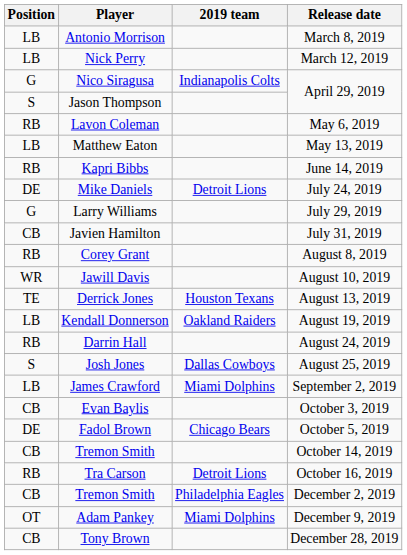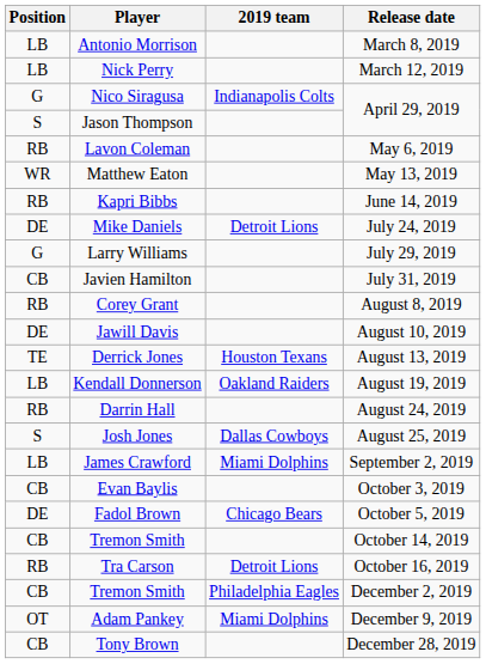 <table class="wikitable" style="text-align:center">
 <tr>
 <th>Position</th>
 <th>Player</th>
 <th>2019 team</th>
 <th>Release date</th>
 </tr>
 <tr>
 <td>LB</td>
 <td><a href='#'>Antonio Morrison</a></td>
 <td></td>
 <td>March 8, 2019</td>
 </tr>
 <tr>
 <td>LB</td>
 <td><a href='#'>Nick Perry</a></td>
 <td></td>
 <td>March 12, 2019</td>
 </tr>
 <tr>
 <td>G</td>
 <td><a href='#'>Nico Siragusa</a></td>
 <td><a href='#'>Indianapolis Colts</a></td>
 <td rowspan="2">April 29, 2019</td>
 </tr>
 <tr>
 <td>S</td>
 <td>Jason Thompson</td>
 <td></td>
 </tr>
 <tr>
 <td>RB</td>
 <td><a href='#'>Lavon Coleman</a></td>
 <td></td>
 <td>May 6, 2019</td>
 </tr>
 <tr>
-<td>LB</td>
+<td>WR</td>
 <td>Matthew Eaton</td>
 <td></td>
 <td>May 13, 2019</td>
 </tr>
 <tr>
 <td>RB</td>
 <td><a href='#'>Kapri Bibbs</a></td>
 <td></td>
 <td>June 14, 2019</td>
 </tr>
 <tr>
 <td>DE</td>
 <td><a href='#'>Mike Daniels</a></td>
 <td><a href='#'>Detroit Lions</a></td>
 <td>July 24, 2019</td>
 </tr>
 <tr>
 <td>G</td>
 <td>Larry Williams</td>
 <td></td>
 <td>July 29, 2019</td>
 </tr>
 <tr>
 <td>CB</td>
 <td>Javien Hamilton</td>
 <td></td>
 <td>July 31, 2019</td>
 </tr>
 <tr>
 <td>RB</td>
 <td><a href='#'>Corey Grant</a></td>
 <td></td>
 <td>August 8, 2019</td>
 </tr>
 <tr>
-<td>WR</td>
+<td>DE</td>
 <td><a href='#'>Jawill Davis</a></td>
 <td></td>
 <td>August 10, 2019</td>
 </tr>
 <tr>
 <td>TE</td>
 <td><a href='#'>Derrick Jones</a></td>
 <td><a href='#'>Houston Texans</a></td>
 <td>August 13, 2019</td>
 </tr>
 <tr>
 <td>LB</td>
 <td><a href='#'>Kendall Donnerson</a></td>
 <td><a href='#'>Oakland Raiders</a></td>
 <td>August 19, 2019</td>
 </tr>
 <tr>
 <td>RB</td>
 <td><a href='#'>Darrin Hall</a></td>
 <td></td>
 <td>August 24, 2019</td>
 </tr>
 <tr>
 <td>S</td>
 <td><a href='#'>Josh Jones</a></td>
 <td><a href='#'>Dallas Cowboys</a></td>
 <td>August 25, 2019</td>
 </tr>
 <tr>
 <td>LB</td>
 <td><a href='#'>James Crawford</a></td>
 <td><a href='#'>Miami Dolphins</a></td>
 <td>September 2, 2019</td>
 </tr>
 <tr>
 <td>CB</td>
 <td><a href='#'>Evan Baylis</a></td>
 <td></td>
 <td>October 3, 2019</td>
 </tr>
 <tr>
 <td>DE</td>
 <td><a href='#'>Fadol Brown</a></td>
 <td><a href='#'>Chicago Bears</a></td>
 <td>October 5, 2019</td>
 </tr>
 <tr>
 <td>CB</td>
 <td><a href='#'>Tremon Smith</a></td>
 <td></td>
 <td>October 14, 2019</td>
 </tr>
 <tr>
 <td>RB</td>
 <td><a href='#'>Tra Carson</a></td>
 <td><a href='#'>Detroit Lions</a></td>
 <td>October 16, 2019</td>
 </tr>
 <tr>
 <td>CB</td>
 <td><a href='#'>Tremon Smith</a></td>
 <td><a href='#'>Philadelphia Eagles</a></td>
 <td>December 2, 2019</td>
 </tr>
 <tr>
 <td>OT</td>
 <td><a href='#'>Adam Pankey</a></td>
 <td><a href='#'>Miami Dolphins</a></td>
 <td>December 9, 2019</td>
 </tr>
 <tr>
 <td>CB</td>
 <td><a href='#'>Tony Brown</a></td>
 <td></td>
 <td>December 28, 2019</td>
 </tr>
 </table>
